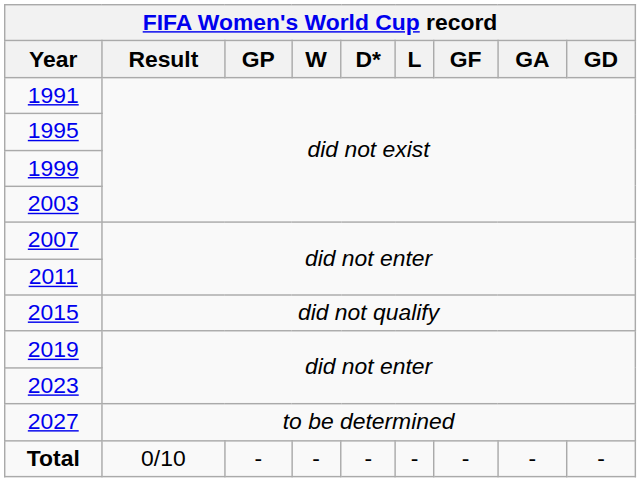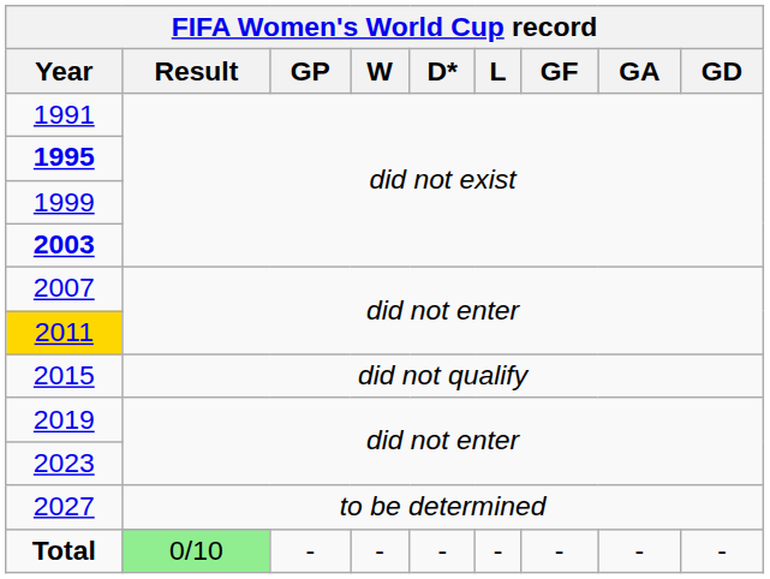 <table class="wikitable" style="text-align: center; width:50%;">
 <tr>
 <th colspan=10><a href='#'>FIFA Women's World Cup</a> record</th>
 </tr>
 <tr>
 <th>Year</th>
 <th>Result</th>
 <th>GP</th>
 <th>W</th>
 <th>D*</th>
 <th>L</th>
 <th>GF</th>
 <th>GA</th>
 <th>GD</th>
 </tr>
 <tr>
 <td> <a href='#'>1991</a></td>
 <td rowspan=4 colspan=8><em>did not exist </em></td>
 </tr>
 <tr>
-<td> <a href='#'>1995</a></td>
+<td><strong> <a href='#'>1995</a></strong></td>
 </tr>
 <tr>
 <td> <a href='#'>1999</a></td>
 </tr>
 <tr>
-<td> <a href='#'>2003</a></td>
+<td><strong> <a href='#'>2003</a></strong></td>
 </tr>
 <tr>
 <td> <a href='#'>2007</a></td>
 <td rowspan=2 colspan=8><em>did not enter</em></td>
 </tr>
 <tr>
-<td> <a href='#'>2011</a></td>
+<td style="background: gold;"> <a href='#'>2011</a></td>
 </tr>
 <tr>
 <td> <a href='#'>2015</a></td>
 <td colspan=8><em>did not qualify</em></td>
 </tr>
 <tr>
 <td> <a href='#'>2019</a></td>
 <td rowspan=2 colspan=8><em>did not enter</em></td>
 </tr>
 <tr>
 <td> <a href='#'>2023</a></td>
 </tr>
 <tr>
 <td> <a href='#'>2027</a></td>
 <td colspan=8><em>to be determined</em></td>
 </tr>
 <tr>
 <td><strong>Total</strong></td>
-<td>0/10</td>
+<td style="background: lightgreen;">0/10</td>
 <td>-</td>
 <td>-</td>
 <td>-</td>
 <td>-</td>
 <td>-</td>
 <td>-</td>
 <td>-</td>
 </tr>
 </table>
